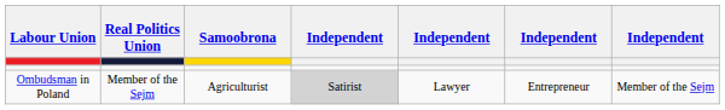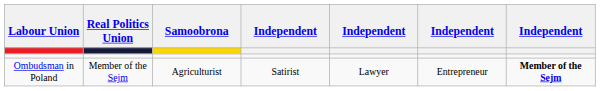 <table class="wikitable" style="font-size:90%; text-align:center;">
 <tr>
 <td style="background:#f1f1f1;"><br><big><strong><a href='#'>Labour Union</a></strong></big></td>
 <td style="background:#f1f1f1;"><br><big><strong><a href='#'>Real Politics Union</a></strong></big></td>
 <td style="background:#f1f1f1;"><br><big><strong><a href='#'>Samoobrona</a></strong></big></td>
 <td style="background:#f1f1f1;"><br><big><strong><a href='#'>Independent</a></strong></big></td>
 <td style="background:#f1f1f1;"><br><big><strong><a href='#'>Independent</a></strong></big></td>
 <td style="background:#f1f1f1;"><br><big><strong><a href='#'>Independent</a></strong></big></td>
 <td style="background:#f1f1f1;"><br><big><strong><a href='#'>Independent</a></strong></big></td>
 </tr>
 <tr>
 <th style="width:3em; font-size:135%; background:#ED1C24 ; width:200px;"><a href='#'></a></th>
 <th style="width:3em; font-size:135%; background:#151A3A ; width:200px;"><a href='#'></a></th>
 <th style="width:3em; font-size:135%; background:#FCD600 ; width:200px;"><a href='#'></a></th>
 <th style="width:3em; font-size:135%; background:DCDCDC ; width:200px;"><a href='#'></a></th>
 <th style="width:3em; font-size:135%; background:DCDCDC ; width:200px;"><a href='#'></a></th>
 <th style="width:3em; font-size:135%; background:DCDCDC ; width:200px;"><a href='#'></a></th>
 <th style="width:3em; font-size:135%; background:DCDCDC ; width:200px;"><a href='#'></a></th>
 </tr>
 <tr>
 <td style="text-align:center"></td>
 <td style="text-align:center"></td>
 <td style="text-align:center"></td>
 <td style="text-align:center"></td>
 <td style="text-align:center"></td>
 <td style="text-align:center"></td>
 <td style="text-align:center"></td>
 </tr>
 <tr>
 <td><a href='#'>Ombudsman</a> in Poland<br></td>
 <td>Member of the <a href='#'>Sejm</a><br></td>
 <td>Agriculturist</td>
-<td style="background: lightgrey;">Satirist</td>
+<td>Satirist</td>
 <td>Lawyer</td>
 <td>Entrepreneur</td>
-<td>Member of the <a href='#'>Sejm</a><br></td>
+<td><strong>Member of the <a href='#'>Sejm</a><br></strong></td>
 </tr>
 </table>
